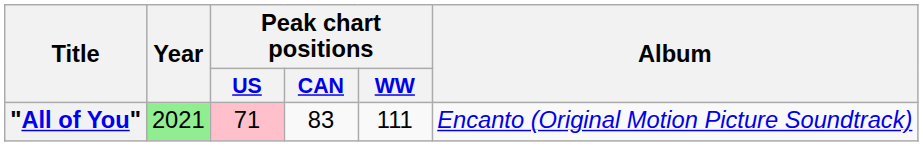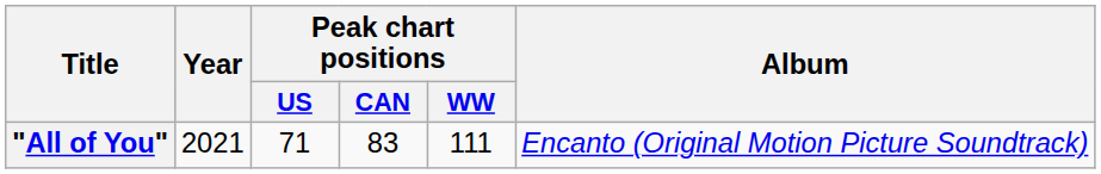 <table class="wikitable plainrowheaders" style="text-align:center;">
 <tr>
 <th rowspan="2" scope="col">Title</th>
 <th rowspan="2" scope="col">Year</th>
 <th colspan="3" scope="col">Peak chart positions</th>
 <th rowspan="2" scope="col">Album</th>
 </tr>
 <tr>
 <th scope="col" style="width:3em;font-size:90%;"><a href='#'>US</a><br></th>
 <th scope="col" style="width:3em;font-size:90%;"><a href='#'>CAN</a><br></th>
 <th scope="col" style="width:3em;font-size:90%;"><a href='#'>WW</a><br></th>
 </tr>
 <tr>
 <th scope="row">"<a href='#'>All of You</a>"<br></th>
-<td style="background: lightgreen;">2021</td>
-<td style="background: pink;">71</td>
+<td>2021</td>
+<td>71</td>
 <td>83</td>
 <td>111</td>
 <td><em><a href='#'>Encanto (Original Motion Picture Soundtrack)</a></em></td>
 </tr>
 </table>
